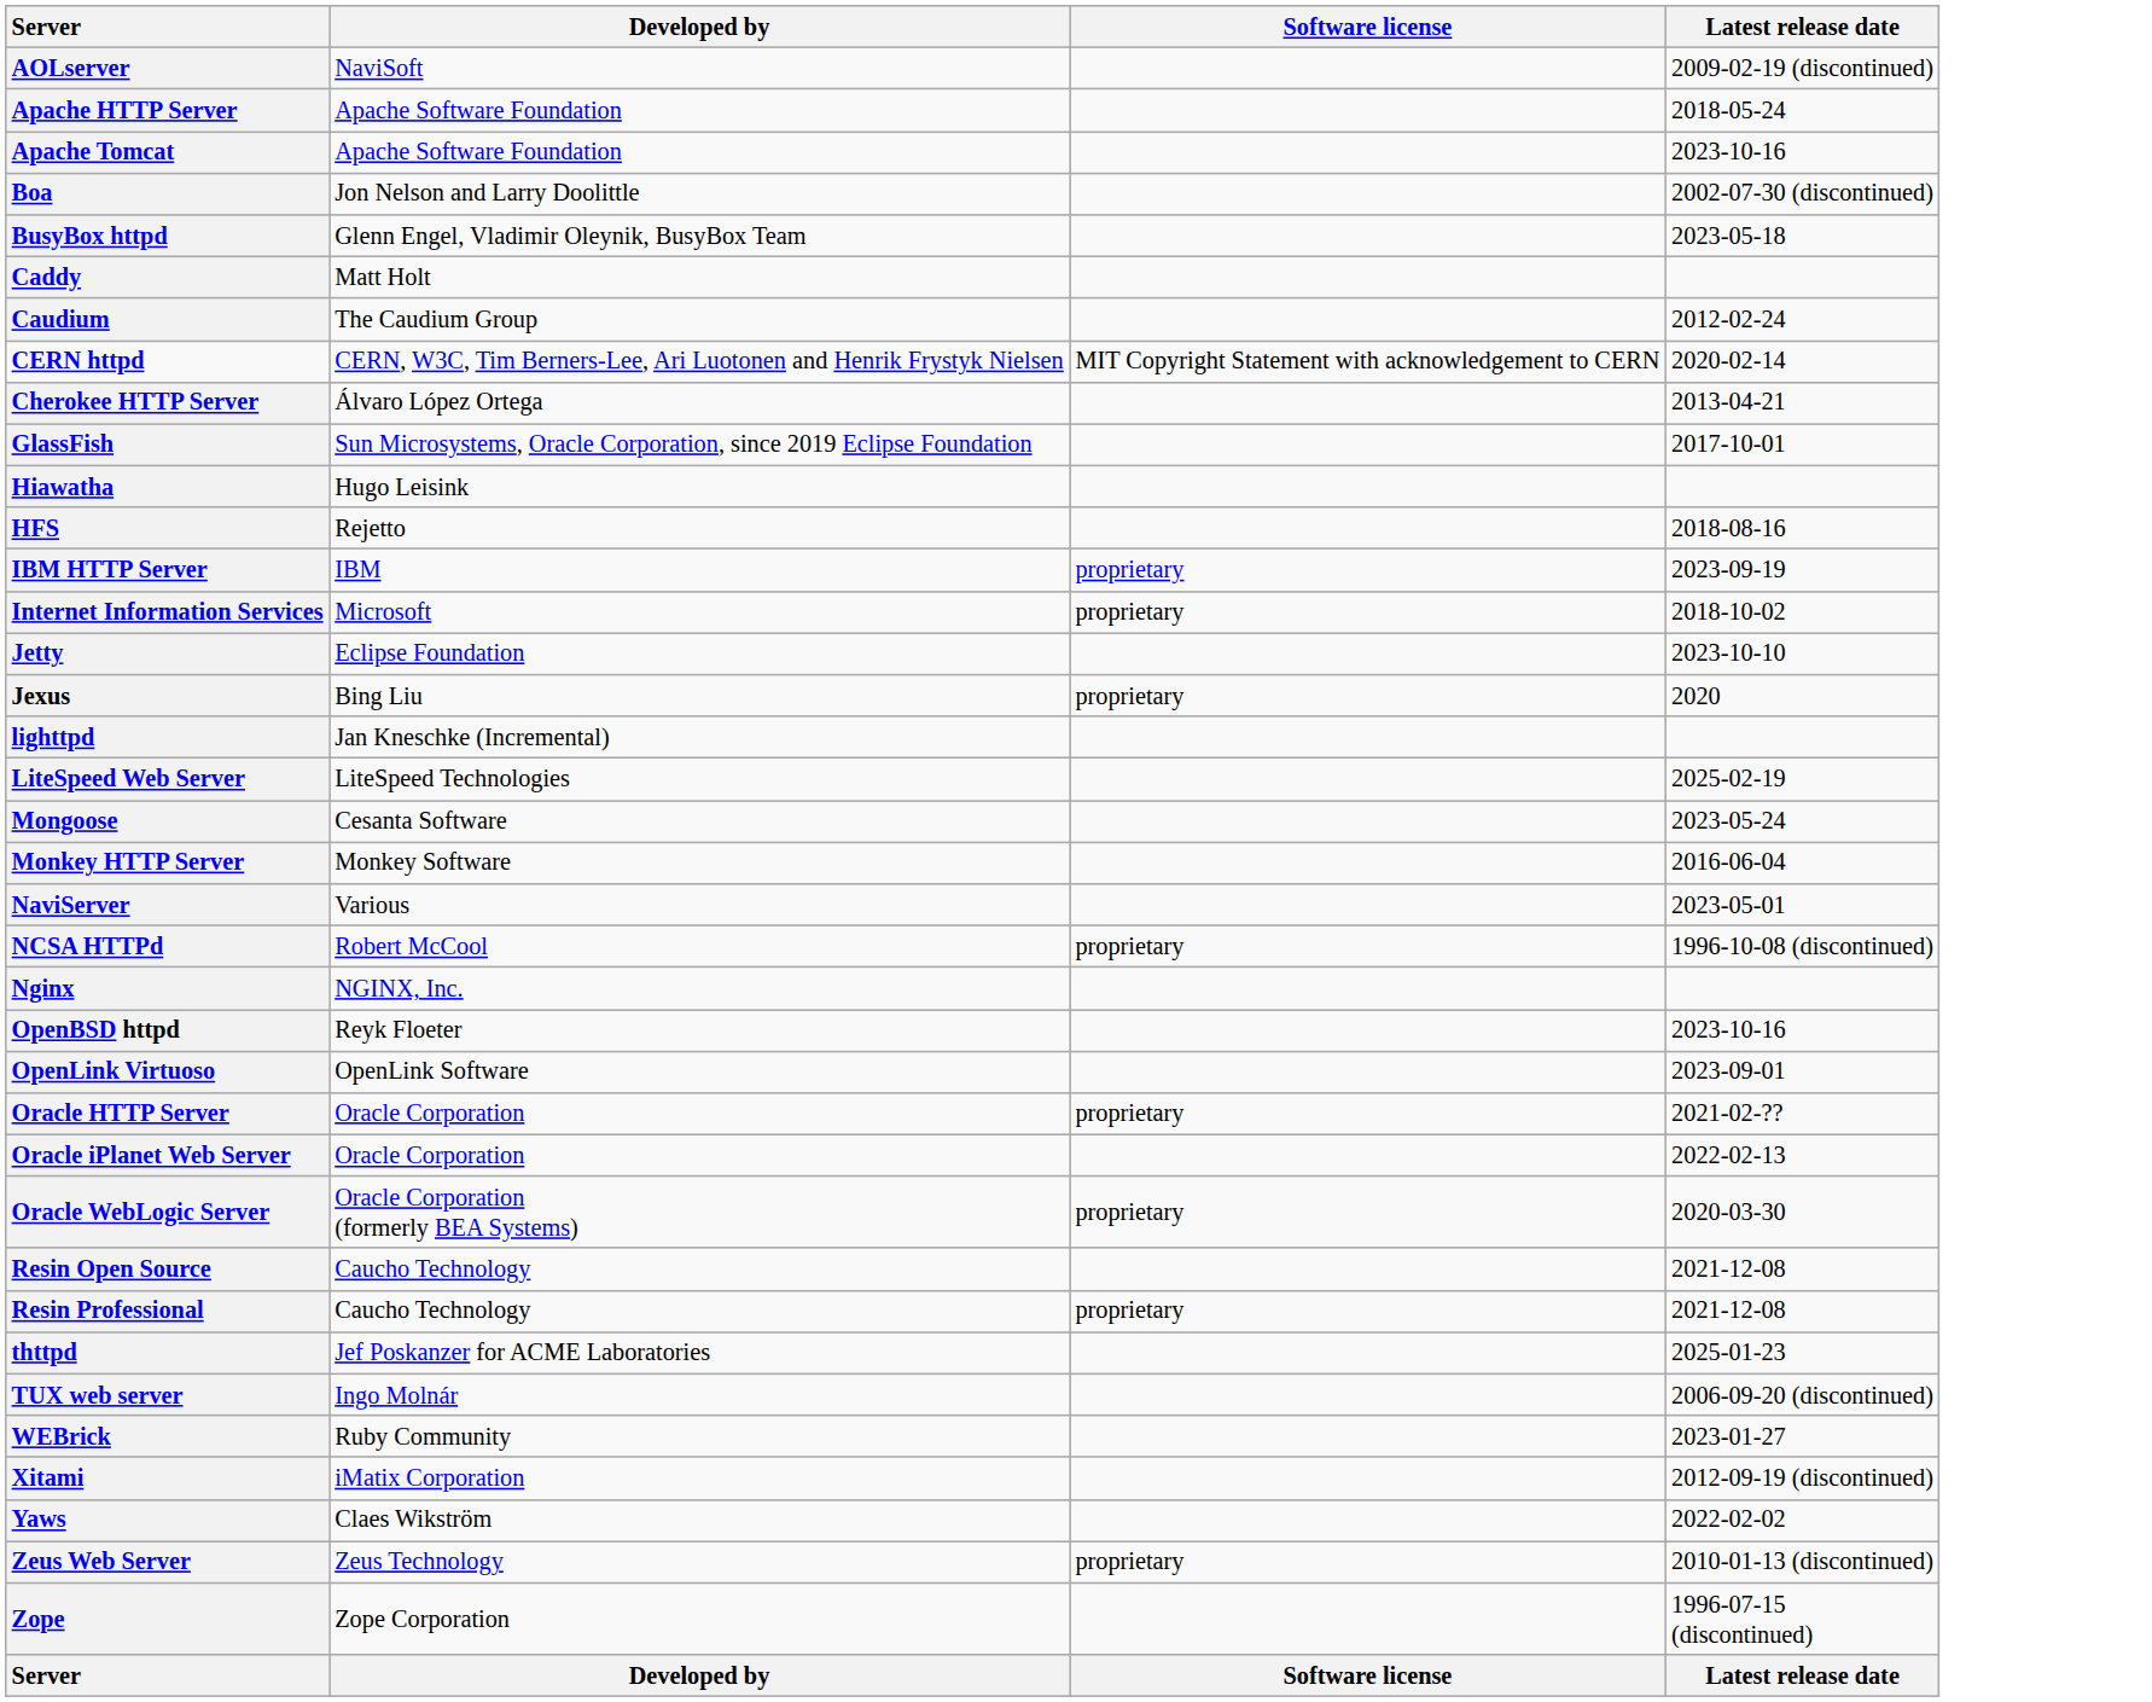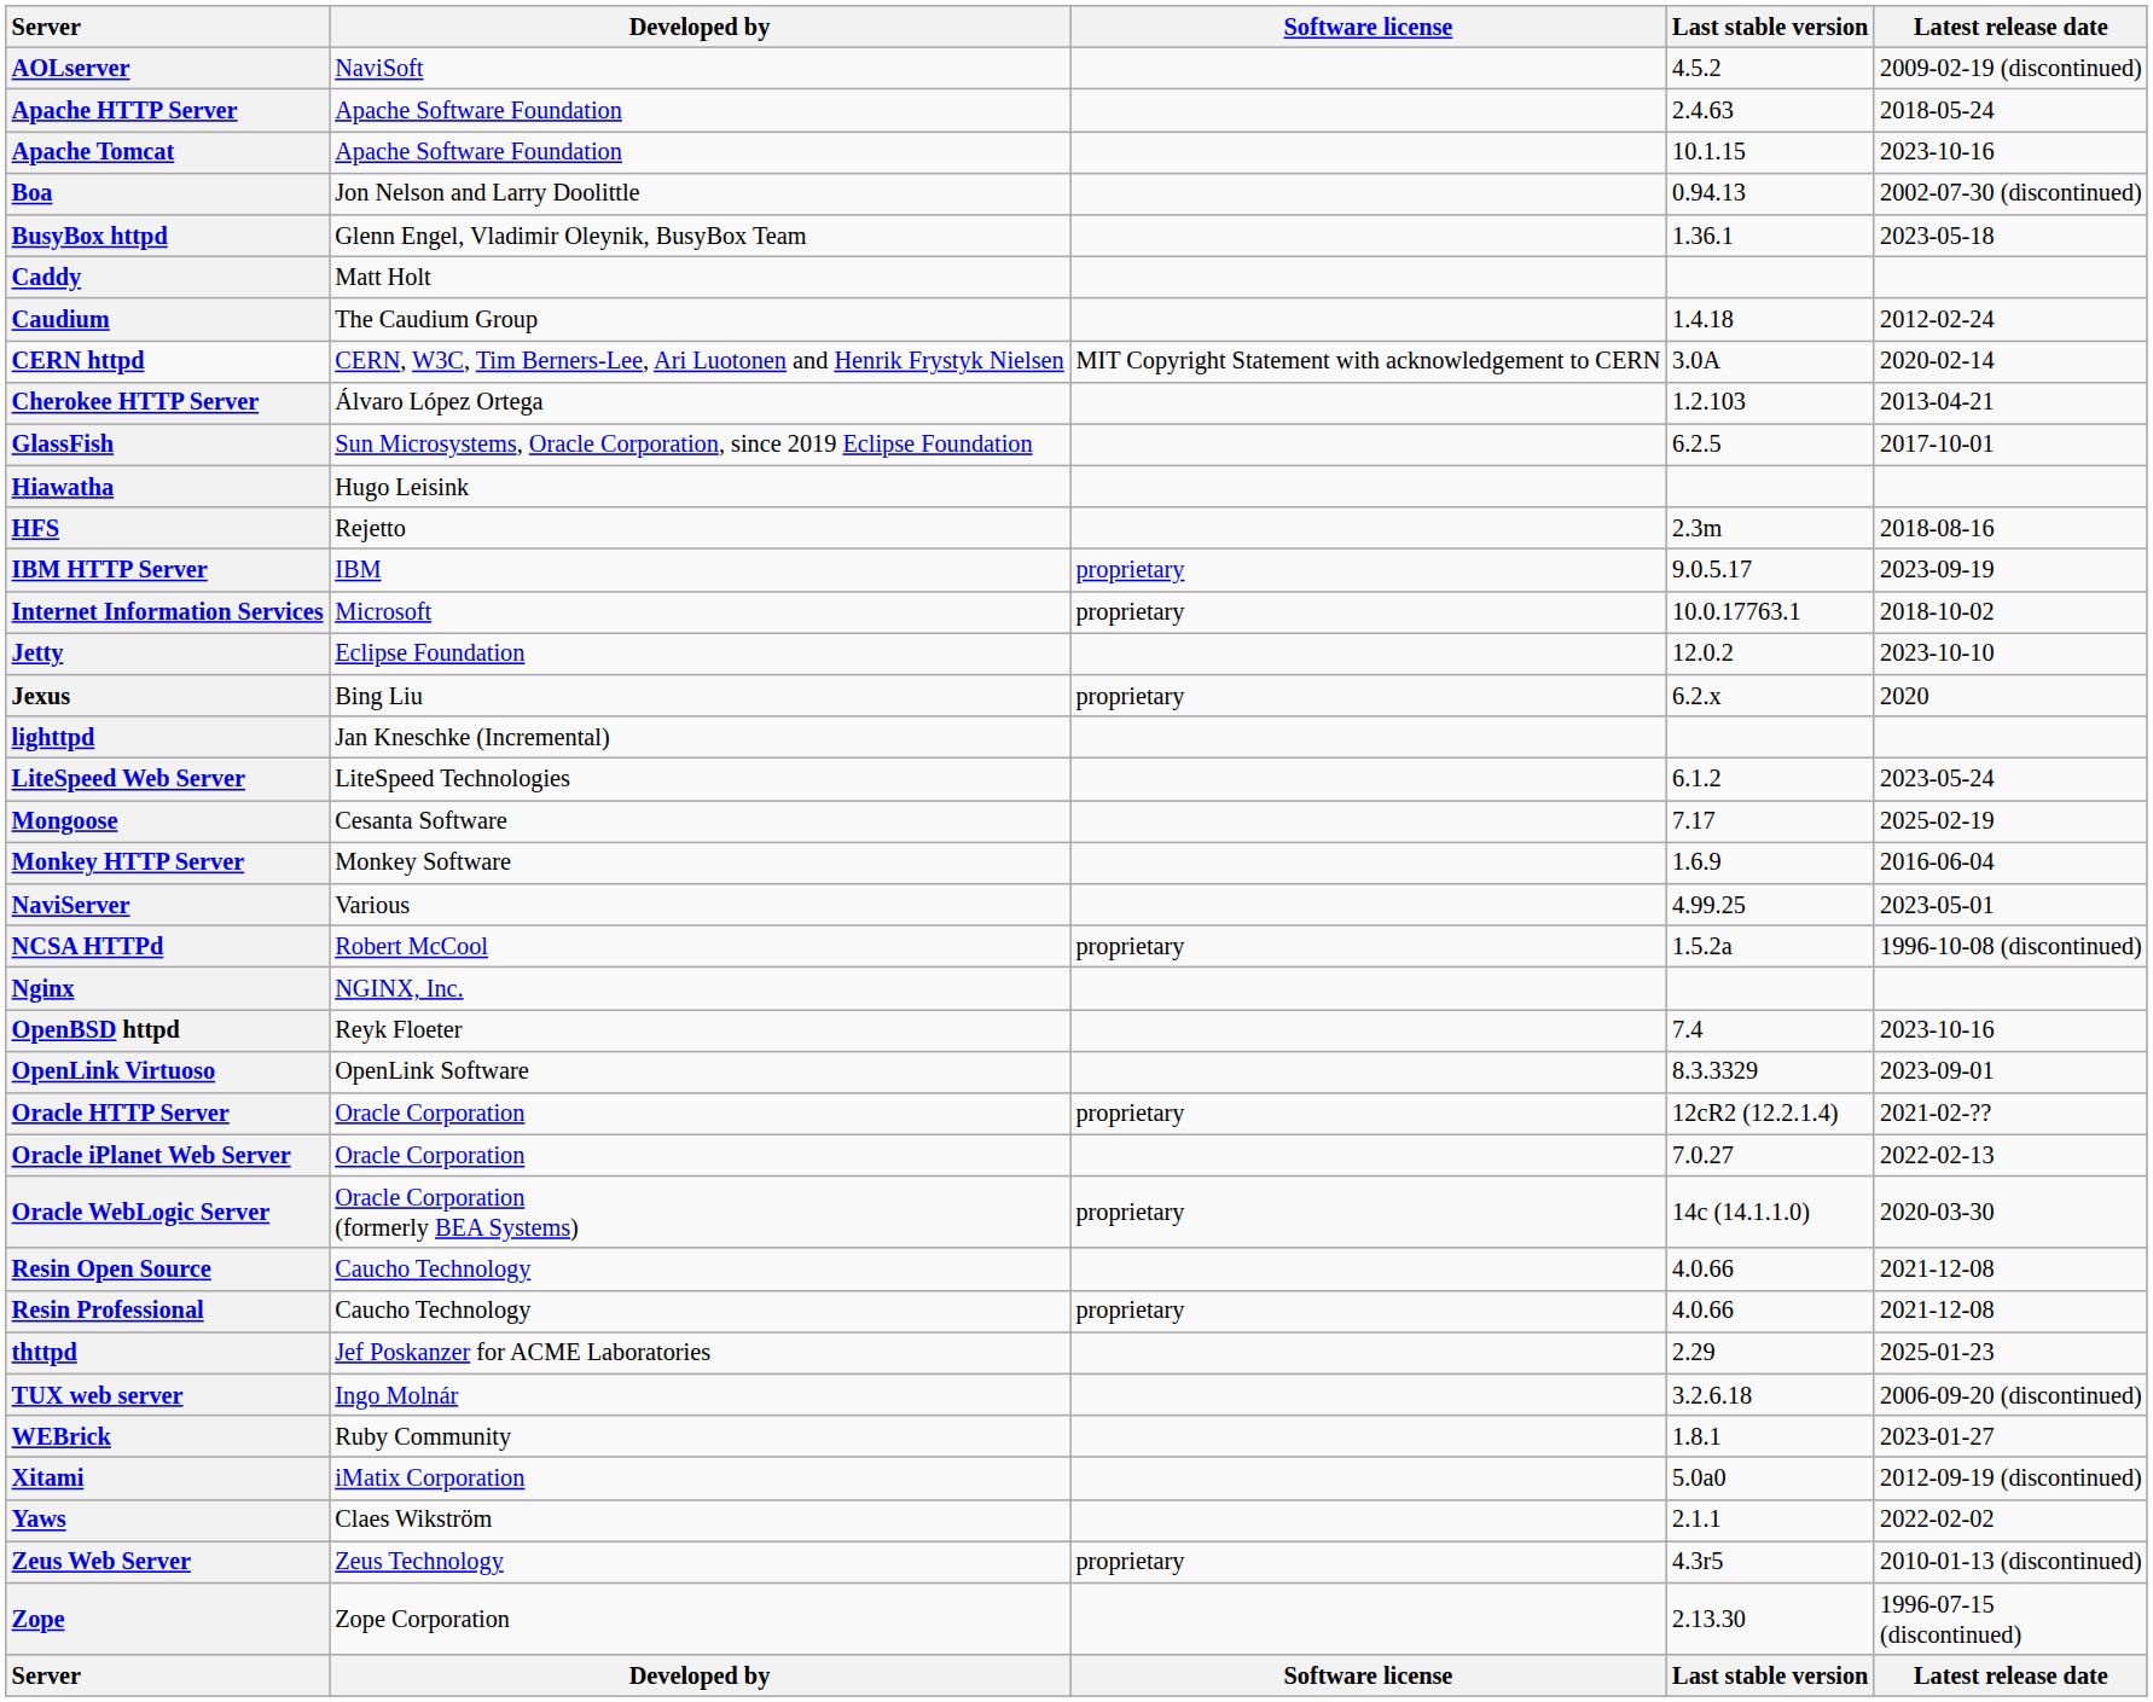 <table class="wikitable sortable sticky-header" style="font-size: small">
 <tr>
 <th style="text-align: left">Server</th>
 <th>Developed by</th>
 <th><a href='#'>Software license</a></th>
+<th>Last stable version</th>
 <th>Latest release date</th>
 </tr>
 <tr>
 <th style="text-align: left"><a href='#'>AOLserver</a></th>
 <td><a href='#'>NaviSoft</a></td>
 <td></td>
+<td>4.5.2</td>
 <td>2009-02-19 (discontinued)</td>
 </tr>
 <tr>
 <th style="text-align: left"><a href='#'>Apache HTTP Server</a></th>
 <td><a href='#'>Apache Software Foundation</a></td>
 <td></td>
+<td>2.4.63</td>
 <td>2018-05-24</td>
 </tr>
 <tr>
 <th style="text-align: left"><a href='#'>Apache Tomcat</a></th>
 <td><a href='#'>Apache Software Foundation</a></td>
 <td></td>
+<td>10.1.15</td>
 <td>2023-10-16</td>
 </tr>
 <tr>
 <th style="text-align: left"><a href='#'>Boa</a></th>
 <td>Jon Nelson and Larry Doolittle</td>
 <td></td>
+<td>0.94.13</td>
 <td>2002-07-30 (discontinued)</td>
 </tr>
 <tr>
 <th style="text-align: left"><a href='#'>BusyBox httpd</a></th>
 <td>Glenn Engel, Vladimir Oleynik, BusyBox Team</td>
 <td></td>
+<td>1.36.1</td>
 <td>2023-05-18</td>
 </tr>
 <tr>
 <th style="text-align: left"><a href='#'>Caddy</a></th>
 <td>Matt Holt</td>
 <td></td>
 <td></td>
+<td></td>
 </tr>
 <tr>
 <th style="text-align: left"><a href='#'>Caudium</a></th>
 <td>The Caudium Group</td>
 <td></td>
+<td>1.4.18</td>
 <td>2012-02-24</td>
 </tr>
 <tr>
 <td><strong><a href='#'>CERN httpd</a></strong></td>
 <td><a href='#'>CERN</a>, <a href='#'>W3C</a>, <a href='#'>Tim Berners-Lee</a>, <a href='#'>Ari Luotonen</a> and <a href='#'>Henrik Frystyk Nielsen</a></td>
 <td>MIT Copyright Statement with acknowledgement to CERN</td>
+<td>3.0A</td>
 <td>2020-02-14</td>
 </tr>
 <tr>
 <th style="text-align: left"><a href='#'>Cherokee HTTP Server</a></th>
 <td>Álvaro López Ortega</td>
 <td></td>
+<td>1.2.103</td>
 <td>2013-04-21</td>
 </tr>
 <tr>
 <th style="text-align: left"><a href='#'>GlassFish</a></th>
 <td><a href='#'>Sun Microsystems</a>, <a href='#'>Oracle Corporation</a>, since 2019 <a href='#'>Eclipse Foundation</a></td>
 <td></td>
+<td>6.2.5</td>
 <td>2017-10-01</td>
 </tr>
 <tr>
 <th style="text-align: left"><a href='#'>Hiawatha</a></th>
 <td>Hugo Leisink</td>
 <td></td>
 <td></td>
+<td></td>
 </tr>
 <tr>
 <th style="text-align: left"><a href='#'>HFS</a></th>
 <td>Rejetto</td>
 <td></td>
+<td>2.3m</td>
 <td>2018-08-16</td>
 </tr>
 <tr>
 <th style="text-align: left"><a href='#'>IBM HTTP Server</a></th>
 <td><a href='#'>IBM</a></td>
 <td> <a href='#'>proprietary</a></td>
+<td>9.0.5.17</td>
 <td>2023-09-19</td>
 </tr>
 <tr>
 <th style="text-align: left"><a href='#'>Internet Information Services</a></th>
 <td><a href='#'>Microsoft</a></td>
 <td> proprietary</td>
+<td>10.0.17763.1</td>
 <td>2018-10-02</td>
 </tr>
 <tr>
 <th style="text-align:  left"><a href='#'>Jetty</a></th>
 <td><a href='#'>Eclipse Foundation</a></td>
 <td></td>
+<td>12.0.2</td>
 <td>2023-10-10</td>
 </tr>
 <tr>
 <th style="text-align: left">Jexus</th>
 <td>Bing Liu</td>
 <td> proprietary</td>
+<td>6.2.x</td>
 <td>2020</td>
 </tr>
 <tr>
 <th style="text-align: left"><a href='#'>lighttpd</a></th>
 <td>Jan Kneschke (Incremental)</td>
 <td></td>
 <td></td>
+<td></td>
 </tr>
 <tr>
 <th style="text-align: left"><a href='#'>LiteSpeed Web Server</a></th>
 <td>LiteSpeed Technologies</td>
 <td></td>
-<td>2025-02-19</td>
+<td>6.1.2</td>
+<td>2023-05-24</td>
 </tr>
 <tr>
 <th style="text-align: left"><a href='#'>Mongoose</a></th>
 <td>Cesanta Software</td>
 <td></td>
-<td>2023-05-24</td>
+<td>7.17</td>
+<td>2025-02-19</td>
 </tr>
 <tr>
 <th style="text-align: left"><a href='#'>Monkey HTTP Server</a></th>
 <td>Monkey Software</td>
 <td></td>
+<td>1.6.9</td>
 <td>2016-06-04</td>
 </tr>
 <tr>
 <th style="text-align: left"><a href='#'>NaviServer</a></th>
 <td>Various</td>
 <td></td>
+<td>4.99.25</td>
 <td>2023-05-01</td>
 </tr>
 <tr>
 <th style="text-align: left"><a href='#'>NCSA HTTPd</a></th>
 <td><a href='#'>Robert McCool</a></td>
 <td> proprietary</td>
+<td>1.5.2a</td>
 <td>1996-10-08 (discontinued)</td>
 </tr>
 <tr>
 <th style="text-align: left"><a href='#'>Nginx</a></th>
 <td><a href='#'>NGINX, Inc.</a></td>
 <td></td>
 <td></td>
+<td></td>
 </tr>
 <tr>
 <th style="text-align: left"><a href='#'>OpenBSD</a> httpd</th>
 <td>Reyk Floeter</td>
 <td></td>
+<td>7.4</td>
 <td>2023-10-16</td>
 </tr>
 <tr>
 <th style="text-align: left"><a href='#'>OpenLink Virtuoso</a></th>
 <td>OpenLink Software</td>
 <td></td>
+<td>8.3.3329</td>
 <td>2023-09-01</td>
 </tr>
 <tr>
 <th style="text-align: left"><a href='#'>Oracle HTTP Server</a></th>
 <td><a href='#'>Oracle Corporation</a></td>
 <td> proprietary</td>
+<td>12cR2 (12.2.1.4)</td>
 <td>2021-02-??</td>
 </tr>
 <tr>
 <th style="text-align: left"><a href='#'>Oracle iPlanet Web Server</a></th>
 <td><a href='#'>Oracle Corporation</a></td>
 <td></td>
+<td>7.0.27</td>
 <td>2022-02-13</td>
 </tr>
 <tr>
 <th style="text-align: left"><a href='#'>Oracle WebLogic Server</a></th>
 <td><a href='#'>Oracle Corporation</a><br>(formerly <a href='#'>BEA Systems</a>)</td>
 <td> proprietary</td>
+<td>14c (14.1.1.0) </td>
 <td>2020-03-30</td>
 </tr>
 <tr>
 <th style="text-align: left"><a href='#'>Resin Open Source</a></th>
 <td><a href='#'>Caucho Technology</a></td>
 <td></td>
+<td>4.0.66</td>
 <td>2021-12-08</td>
 </tr>
 <tr>
 <th style="text-align: left"><a href='#'>Resin Professional</a></th>
 <td>Caucho Technology</td>
 <td> proprietary</td>
+<td>4.0.66</td>
 <td>2021-12-08</td>
 </tr>
 <tr>
 <th style="text-align: left"><a href='#'>thttpd</a></th>
 <td><a href='#'>Jef Poskanzer</a> for ACME Laboratories</td>
 <td></td>
+<td>2.29</td>
 <td>2025-01-23</td>
 </tr>
 <tr>
 <th style="text-align: left"><a href='#'>TUX web server</a></th>
 <td><a href='#'>Ingo Molnár</a></td>
 <td></td>
+<td>3.2.6.18</td>
 <td>2006-09-20 (discontinued)</td>
 </tr>
 <tr>
 <th style="text-align: left"><a href='#'>WEBrick</a></th>
 <td>Ruby Community</td>
 <td></td>
+<td>1.8.1</td>
 <td>2023-01-27</td>
 </tr>
 <tr>
 <th style="text-align: left"><a href='#'>Xitami</a></th>
 <td><a href='#'>iMatix Corporation</a></td>
 <td></td>
+<td>5.0a0</td>
 <td>2012-09-19 (discontinued)</td>
 </tr>
 <tr>
 <th style="text-align: left"><a href='#'>Yaws</a></th>
 <td>Claes Wikström</td>
 <td></td>
+<td>2.1.1</td>
 <td>2022-02-02</td>
 </tr>
 <tr>
 <th style="text-align: left"><a href='#'>Zeus Web Server</a></th>
 <td><a href='#'>Zeus Technology</a></td>
 <td> proprietary</td>
+<td>4.3r5</td>
 <td>2010-01-13 (discontinued)</td>
 </tr>
 <tr>
 <th style="text-align: left"><a href='#'>Zope</a></th>
 <td>Zope Corporation</td>
 <td></td>
+<td>2.13.30</td>
 <td>1996-07-15<br>(discontinued)</td>
 </tr>
 <tr class="sortbottom">
 <th style="text-align: left">Server</th>
 <th>Developed by</th>
 <th>Software license</th>
+<th>Last stable version</th>
 <th>Latest release date</th>
 </tr>
 </table>
